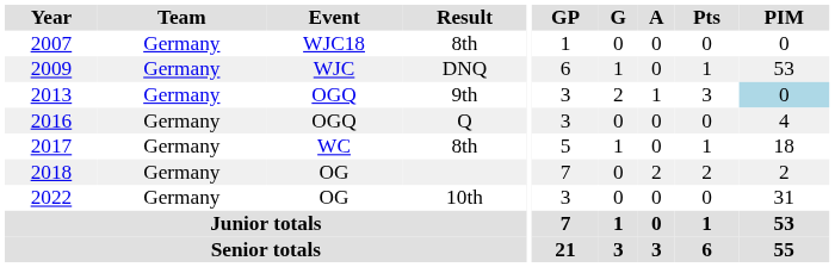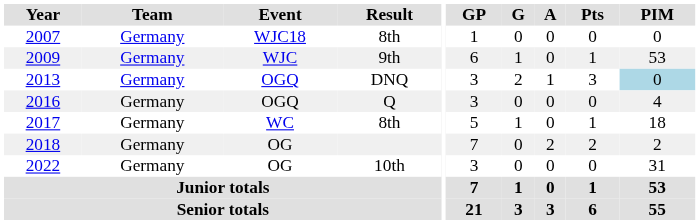 <table border="0" cellpadding="1" cellspacing="0" ID="Table3" style="text-align:center; width:40em">
 <tr ALIGN="center" bgcolor="#e0e0e0">
 <th>Year</th>
 <th>Team</th>
 <th>Event</th>
 <th>Result</th>
 <th rowspan="99" bgcolor="#ffffff"></th>
 <th>GP</th>
 <th>G</th>
 <th>A</th>
 <th>Pts</th>
 <th>PIM</th>
 </tr>
 <tr>
 <td><a href='#'>2007</a></td>
 <td><a href='#'>Germany</a></td>
 <td><a href='#'>WJC18</a></td>
 <td>8th</td>
 <td>1</td>
 <td>0</td>
 <td>0</td>
 <td>0</td>
 <td>0</td>
 </tr>
 <tr bgcolor="#f0f0f0">
 <td><a href='#'>2009</a></td>
 <td><a href='#'>Germany</a></td>
 <td><a href='#'>WJC</a></td>
-<td>DNQ</td>
+<td>9th</td>
 <td>6</td>
 <td>1</td>
 <td>0</td>
 <td>1</td>
 <td>53</td>
 </tr>
 <tr>
 <td><a href='#'>2013</a></td>
 <td><a href='#'>Germany</a></td>
 <td><a href='#'>OGQ</a></td>
-<td>9th</td>
+<td>DNQ</td>
 <td>3</td>
 <td>2</td>
 <td>1</td>
 <td>3</td>
 <td style="background: lightblue;">0</td>
 </tr>
 <tr bgcolor="#f0f0f0">
 <td><a href='#'>2016</a></td>
 <td>Germany</td>
 <td>OGQ</td>
 <td>Q</td>
 <td>3</td>
 <td>0</td>
 <td>0</td>
 <td>0</td>
 <td>4</td>
 </tr>
 <tr>
 <td><a href='#'>2017</a></td>
 <td>Germany</td>
 <td><a href='#'>WC</a></td>
 <td>8th</td>
 <td>5</td>
 <td>1</td>
 <td>0</td>
 <td>1</td>
 <td>18</td>
 </tr>
 <tr bgcolor="#f0f0f0">
 <td><a href='#'>2018</a></td>
 <td>Germany</td>
 <td>OG</td>
 <td></td>
 <td>7</td>
 <td>0</td>
 <td>2</td>
 <td>2</td>
 <td>2</td>
 </tr>
 <tr>
 <td><a href='#'>2022</a></td>
 <td>Germany</td>
 <td>OG</td>
 <td>10th</td>
 <td>3</td>
 <td>0</td>
 <td>0</td>
 <td>0</td>
 <td>31</td>
 </tr>
 <tr bgcolor="#e0e0e0">
 <th colspan="4">Junior totals</th>
 <th>7</th>
 <th>1</th>
 <th>0</th>
 <th>1</th>
 <th>53</th>
 </tr>
 <tr bgcolor="#e0e0e0">
 <th colspan="4">Senior totals</th>
 <th>21</th>
 <th>3</th>
 <th>3</th>
 <th>6</th>
 <th>55</th>
 </tr>
 </table>
